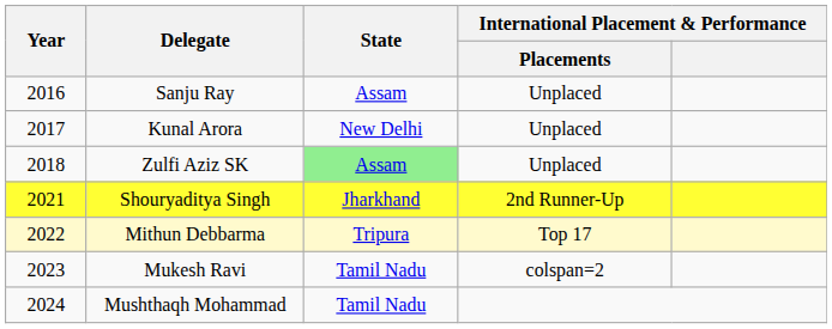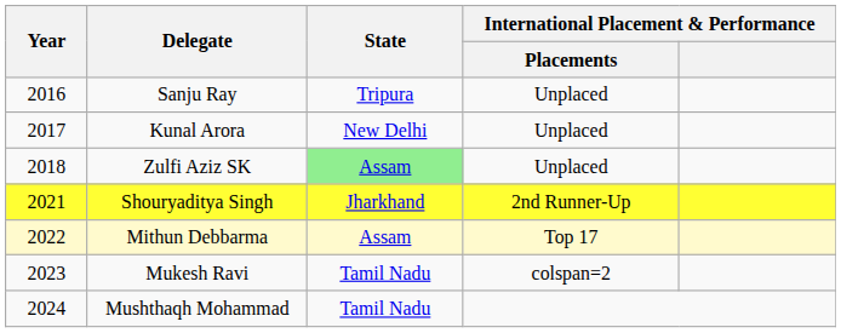 <table class="wikitable" style="text-align:center; line-height:20px; font-size:90%; width:100%;">
 <tr>
 <th rowspan="2"  width=100px>Year</th>
 <th rowspan="2"  width=300px>Delegate</th>
 <th rowspan="2"  width=200px>State</th>
 <th colspan="2"  width=100px>International Placement & Performance</th>
 </tr>
 <tr>
 <th width=300px>Placements</th>
 <th width=300px></th>
 </tr>
 <tr>
 <td>2016</td>
 <td>Sanju Ray</td>
-<td><a href='#'>Assam</a></td>
+<td><a href='#'>Tripura</a></td>
 <td>Unplaced</td>
 <td></td>
 </tr>
 <tr>
 <td>2017</td>
 <td>Kunal Arora</td>
 <td><a href='#'>New Delhi</a></td>
 <td>Unplaced</td>
 <td></td>
 </tr>
 <tr>
 <td>2018</td>
 <td>Zulfi Aziz SK</td>
 <td style="background: lightgreen;"><a href='#'>Assam</a></td>
 <td>Unplaced</td>
 <td></td>
 </tr>
 <tr style="background-color:#FFFF33;">
 <td>2021</td>
 <td>Shouryaditya Singh</td>
 <td><a href='#'>Jharkhand</a></td>
 <td>2nd Runner-Up</td>
 <td></td>
 </tr>
 <tr style="background-color:#FFFACD;">
 <td>2022</td>
 <td>Mithun Debbarma</td>
-<td><a href='#'>Tripura</a></td>
+<td><a href='#'>Assam</a></td>
 <td>Top 17</td>
 <td></td>
 </tr>
 <tr>
 <td>2023</td>
 <td>Mukesh Ravi</td>
 <td><a href='#'>Tamil Nadu</a></td>
 <td>colspan=2 </td>
 </tr>
 <tr>
 <td>2024</td>
 <td>Mushthaqh Mohammad</td>
 <td><a href='#'>Tamil Nadu</a></td>
 <td colspan=2></td>
 </tr>
 </table>
